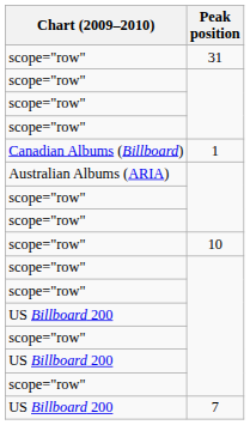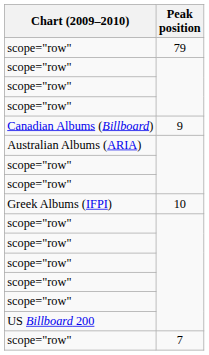 <table class="wikitable sortable">
 <tr>
 <th>Chart (2009–2010)</th>
 <th>Peak<br>position</th>
 </tr>
 <tr>
 <td>scope="row" </td>
-<td style="text-align:center;">31</td>
+<td style="text-align:center;">79</td>
 </tr>
 <tr>
 <td>scope="row" </td>
 </tr>
 <tr>
 <td>scope="row" </td>
 </tr>
 <tr>
 <td>scope="row" </td>
 </tr>
 <tr>
 <td scope="row"><a href='#'>Canadian Albums</a> (<em><a href='#'>Billboard</a></em>)</td>
-<td style="text-align:center;">1</td>
+<td style="text-align:center;">9</td>
 </tr>
 <tr>
 <td scope="row">Australian Albums (<a href='#'>ARIA</a>)</td>
 </tr>
 <tr>
 <td>scope="row" </td>
 </tr>
 <tr>
 <td>scope="row" </td>
 </tr>
 <tr>
+<td scope="row">Greek Albums (<a href='#'>IFPI</a>)</td>
+<td style="text-align:center;">10</td>
+</tr>
+<tr>
 <td>scope="row" </td>
-<td style="text-align:center;">10</td>
+</tr>
+<tr>
+<td>scope="row" </td>
+</tr>
+<tr>
+<td>scope="row" </td>
 </tr>
 <tr>
 <td>scope="row" </td>
 </tr>
 <tr>
 <td>scope="row" </td>
 </tr>
 <tr>
 <td scope="row">US <a href='#'><em>Billboard</em> 200</a></td>
 </tr>
 <tr>
 <td>scope="row" </td>
-</tr>
-<tr>
-<td scope="row">US <a href='#'><em>Billboard</em> 200</a></td>
-</tr>
-<tr>
-<td>scope="row" </td>
-</tr>
-<tr>
-<td scope="row">US <a href='#'><em>Billboard</em> 200</a></td>
 <td style="text-align:center;">7</td>
 </tr>
 </table>
